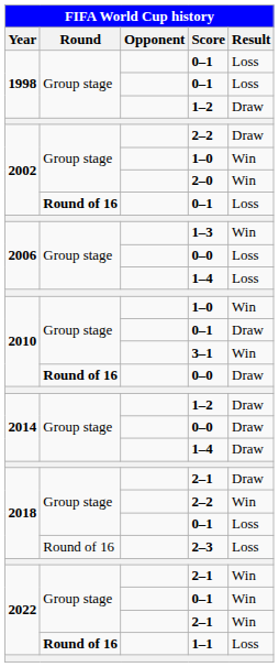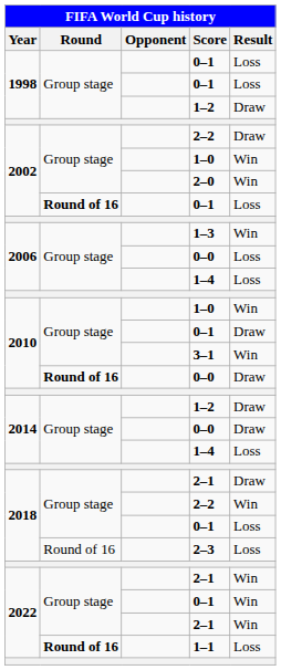 <table class="wikitable collapsible ">
 <tr>
 <th colspan="5"style=background:blue;color:white>FIFA World Cup history</th>
 </tr>
 <tr>
 <th>Year</th>
 <th>Round</th>
 <th>Opponent</th>
 <th>Score</th>
 <th>Result</th>
 </tr>
 <tr>
 <td rowspan="3"><strong>1998</strong></td>
 <td rowspan="3">Group stage</td>
 <td style="text-align:left;"></td>
 <td><strong>0–1</strong></td>
 <td>Loss</td>
 </tr>
 <tr>
 <td style="text-align:left;"></td>
 <td><strong>0–1</strong></td>
 <td>Loss</td>
 </tr>
 <tr>
 <td style="text-align:left;"></td>
 <td><strong>1–2</strong></td>
 <td>Draw</td>
 </tr>
 <tr>
 <th colspan="5"></th>
 </tr>
 <tr>
 <td rowspan="4"><strong>2002</strong></td>
 <td rowspan="3">Group stage</td>
 <td style="text-align:left;"></td>
 <td><strong>2–2</strong></td>
 <td>Draw</td>
 </tr>
 <tr>
 <td style="text-align:left;"></td>
 <td><strong>1–0</strong></td>
 <td>Win</td>
 </tr>
 <tr>
 <td style="text-align:left;"></td>
 <td><strong>2–0</strong></td>
 <td>Win</td>
 </tr>
 <tr>
 <td><strong>Round of 16</strong></td>
 <td style="text-align:left;"></td>
 <td><strong>0–1</strong></td>
 <td>Loss</td>
 </tr>
 <tr>
 <th colspan="5"></th>
 </tr>
 <tr>
 <td rowspan="3"><strong>2006</strong></td>
 <td rowspan="3">Group stage</td>
 <td style="text-align:left;"></td>
 <td><strong>1–3</strong></td>
 <td>Win</td>
 </tr>
 <tr>
 <td style="text-align:left;"></td>
 <td><strong>0–0</strong></td>
 <td>Loss</td>
 </tr>
 <tr>
 <td style="text-align:left;"></td>
 <td><strong>1–4</strong></td>
 <td>Loss</td>
 </tr>
 <tr>
 <th colspan="5"></th>
 </tr>
 <tr>
 <td rowspan="4"><strong>2010</strong></td>
 <td rowspan="3">Group stage</td>
 <td style="text-align:left;"></td>
 <td><strong>1–0</strong></td>
 <td>Win</td>
 </tr>
 <tr>
 <td style="text-align:left;"></td>
 <td><strong>0–1</strong></td>
 <td>Draw </td>
 </tr>
 <tr>
 <td style="text-align:left;"></td>
 <td><strong>3–1</strong></td>
 <td>Win</td>
 </tr>
 <tr>
 <td><strong>Round of 16</strong></td>
 <td style="text-align:left;"></td>
 <td><strong>0–0</strong> </td>
 <td>Draw </td>
 </tr>
 <tr>
 <th colspan="5"></th>
 </tr>
 <tr>
 <td rowspan="3"><strong>2014</strong></td>
 <td rowspan="3">Group stage</td>
 <td style="text-align:left;"></td>
 <td><strong>1–2</strong></td>
 <td>Draw </td>
 </tr>
 <tr>
 <td style="text-align:left;"></td>
 <td><strong>0–0</strong></td>
 <td>Draw</td>
 </tr>
 <tr>
 <td style="text-align:left;"></td>
 <td><strong>1–4</strong></td>
-<td>Draw</td>
+<td>Loss</td>
 </tr>
 <tr>
 <th colspan="5"></th>
 </tr>
 <tr>
 <td rowspan="4"><strong>2018</strong></td>
 <td rowspan="3">Group stage</td>
 <td style="text-align:left;"></td>
 <td><strong>2–1</strong></td>
 <td>Draw</td>
 </tr>
 <tr>
 <td style="text-align:left;"></td>
 <td><strong>2–2</strong></td>
 <td>Win</td>
 </tr>
 <tr>
 <td style="text-align:left;"></td>
 <td><strong>0–1</strong></td>
 <td>Loss</td>
 </tr>
 <tr>
 <td>Round of 16</td>
 <td style="text-align:left;"></td>
 <td><strong>2–3</strong></td>
 <td>Loss</td>
 </tr>
 <tr>
 <th colspan="5"></th>
 </tr>
 <tr>
 <td rowspan="4"><strong>2022</strong></td>
 <td rowspan="3">Group stage</td>
 <td style="text-align:left"></td>
 <td><strong>2–1</strong></td>
 <td>Win</td>
 </tr>
 <tr>
 <td style="text-align:left"></td>
 <td><strong>0–1</strong></td>
 <td>Win</td>
 </tr>
 <tr>
 <td style="text-align:left"></td>
 <td><strong>2–1</strong></td>
 <td>Win</td>
 </tr>
 <tr>
 <td><strong>Round of 16</strong></td>
 <td style="text-align:left"></td>
 <td><strong>1–1</strong> </td>
 <td>Loss</td>
 </tr>
 <tr>
 <th colspan="5"></th>
 </tr>
 </table>
